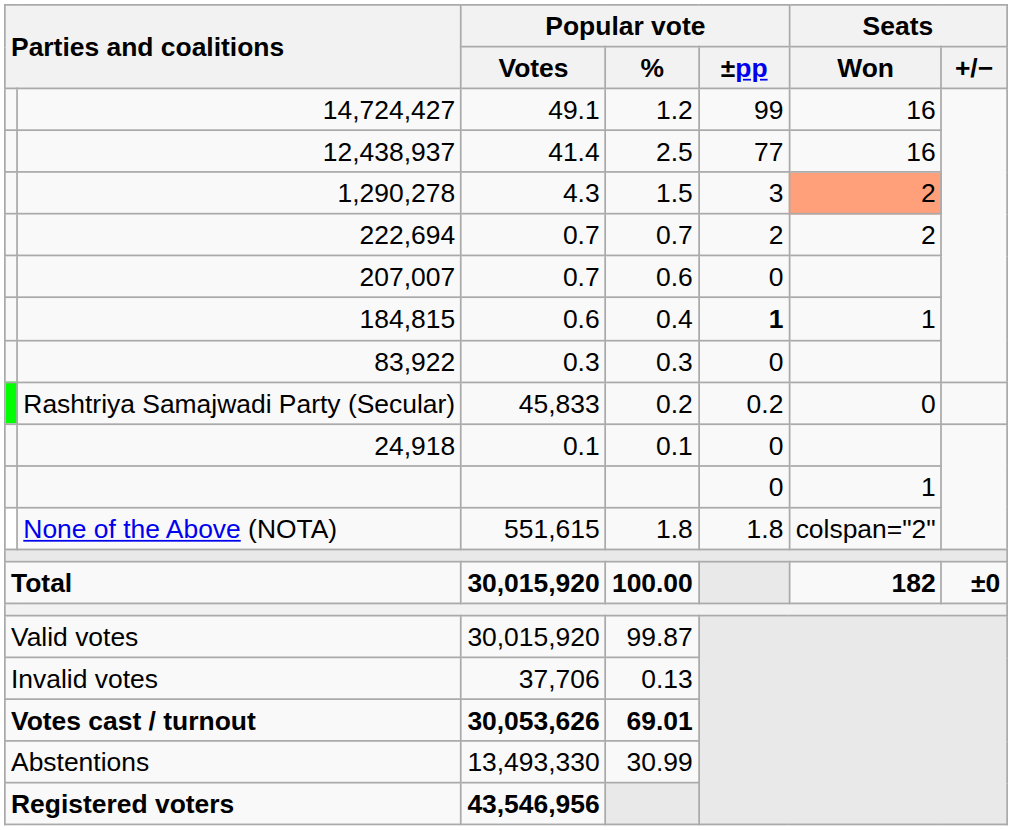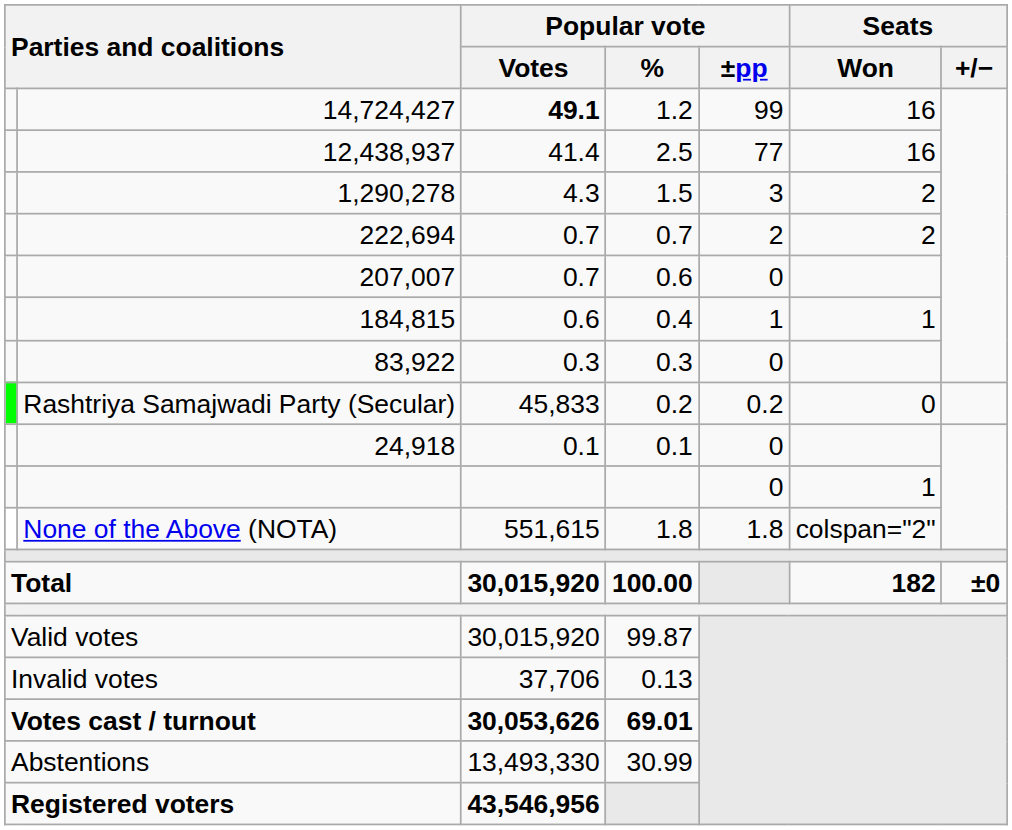 <table class="wikitable" style="text-align:right; font-size:95%;">
 <tr>
 <th style="text-align:left;" rowspan="2" colspan="2" width="200">Parties and coalitions</th>
 <th colspan="3">Popular vote</th>
 <th colspan="2">Seats</th>
 </tr>
 <tr>
 <th width="70">Votes</th>
 <th width="45">%</th>
 <th width="45">±<a href='#'>pp</a></th>
 <th width="30">Won</th>
 <th width="30">+/−</th>
 </tr>
 <tr>
 <td></td>
 <td>14,724,427</td>
-<td>49.1</td>
+<td><strong>49.1</strong></td>
 <td>1.2</td>
 <td>99</td>
 <td>16</td>
 </tr>
 <tr>
 <td></td>
 <td>12,438,937</td>
 <td>41.4</td>
 <td>2.5</td>
 <td>77</td>
 <td>16</td>
 </tr>
 <tr>
 <td></td>
 <td>1,290,278</td>
 <td>4.3</td>
 <td>1.5</td>
 <td>3</td>
-<td style="background: lightsalmon;">2</td>
+<td>2</td>
 </tr>
 <tr>
 <td></td>
 <td>222,694</td>
 <td>0.7</td>
 <td>0.7</td>
 <td>2</td>
 <td>2</td>
 </tr>
 <tr>
 <td></td>
 <td>207,007</td>
 <td>0.7</td>
 <td>0.6</td>
 <td>0</td>
 <td></td>
 </tr>
 <tr>
 <td></td>
 <td>184,815</td>
 <td>0.6</td>
 <td>0.4</td>
-<td><strong>1</strong></td>
+<td>1</td>
 <td>1</td>
 </tr>
 <tr>
 <td></td>
 <td>83,922</td>
 <td>0.3</td>
 <td>0.3</td>
 <td>0</td>
 <td></td>
 </tr>
 <tr>
 <td bgcolor=lime></td>
 <td align="left">Rashtriya Samajwadi Party (Secular)</td>
 <td>45,833</td>
 <td>0.2</td>
 <td>0.2</td>
 <td>0</td>
 <td></td>
 </tr>
 <tr>
 <td></td>
 <td>24,918</td>
 <td>0.1</td>
 <td>0.1</td>
 <td>0</td>
 <td></td>
 </tr>
 <tr>
 <td></td>
 <td></td>
 <td></td>
 <td></td>
 <td>0</td>
 <td>1</td>
 </tr>
 <tr>
 <td bgcolor=white></td>
 <td align="left"><a href='#'>None of the Above</a> (NOTA)</td>
 <td>551,615</td>
 <td>1.8</td>
 <td>1.8</td>
 <td>colspan="2" </td>
 </tr>
 <tr>
 <td colspan="7" bgcolor="#E9E9E9"></td>
 </tr>
 <tr style="font-weight:bold;">
 <td align="left" colspan="2">Total</td>
 <td>30,015,920</td>
 <td>100.00</td>
 <td bgcolor="#E9E9E9"></td>
 <td>182</td>
 <td>±0</td>
 </tr>
 <tr>
 <th colspan="7"></th>
 </tr>
 <tr>
 <td style="text-align:left;" colspan="2">Valid votes</td>
 <td align="right">30,015,920</td>
 <td align="right">99.87</td>
 <td colspan="3" rowspan="5" style="background-color:#E9E9E9"></td>
 </tr>
 <tr>
 <td style="text-align:left;" colspan="2">Invalid votes</td>
 <td align="right">37,706</td>
 <td align="right">0.13</td>
 </tr>
 <tr>
 <td style="text-align:left;" colspan="2"><strong>Votes cast / turnout</strong></td>
 <td align="right"><strong>30,053,626</strong></td>
 <td align="right"><strong>69.01</strong></td>
 </tr>
 <tr>
 <td style="text-align:left;" colspan="2">Abstentions</td>
 <td align="right">13,493,330</td>
 <td align="right">30.99</td>
 </tr>
 <tr>
 <td style="text-align:left;" colspan="2"><strong>Registered voters</strong></td>
 <td align="right"><strong>43,546,956</strong></td>
 <td colspan="1" style="background-color:#E9E9E9"></td>
 </tr>
 </table>
